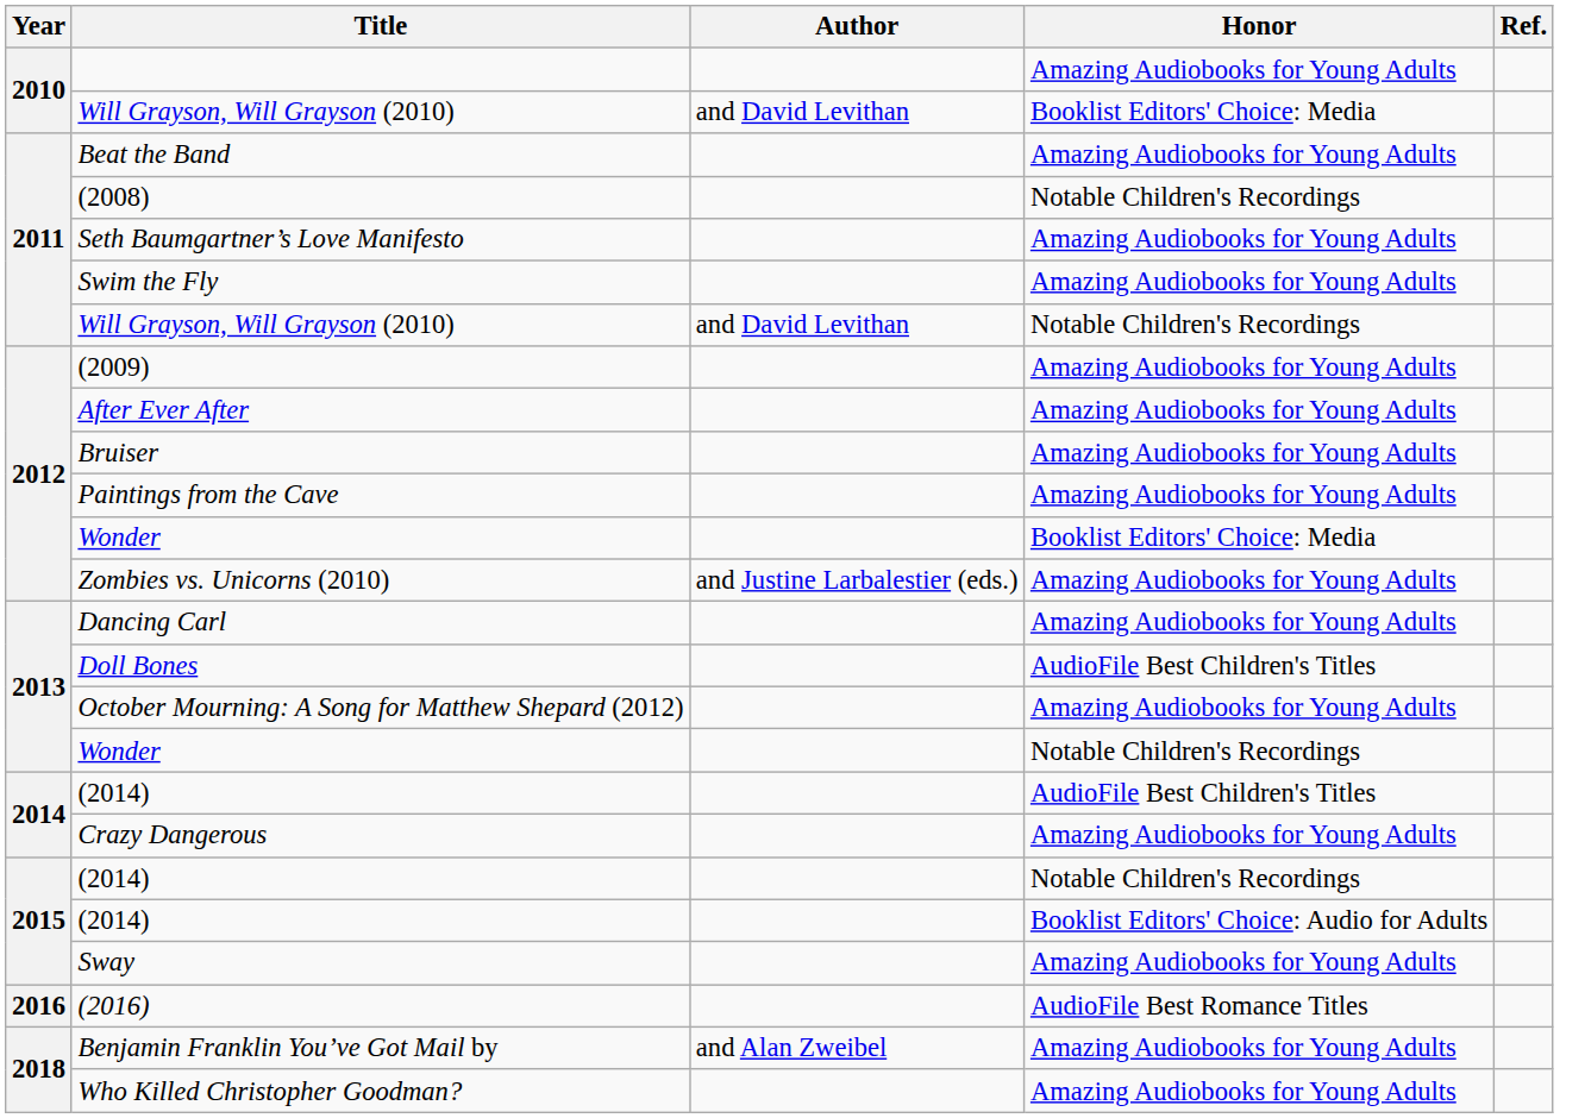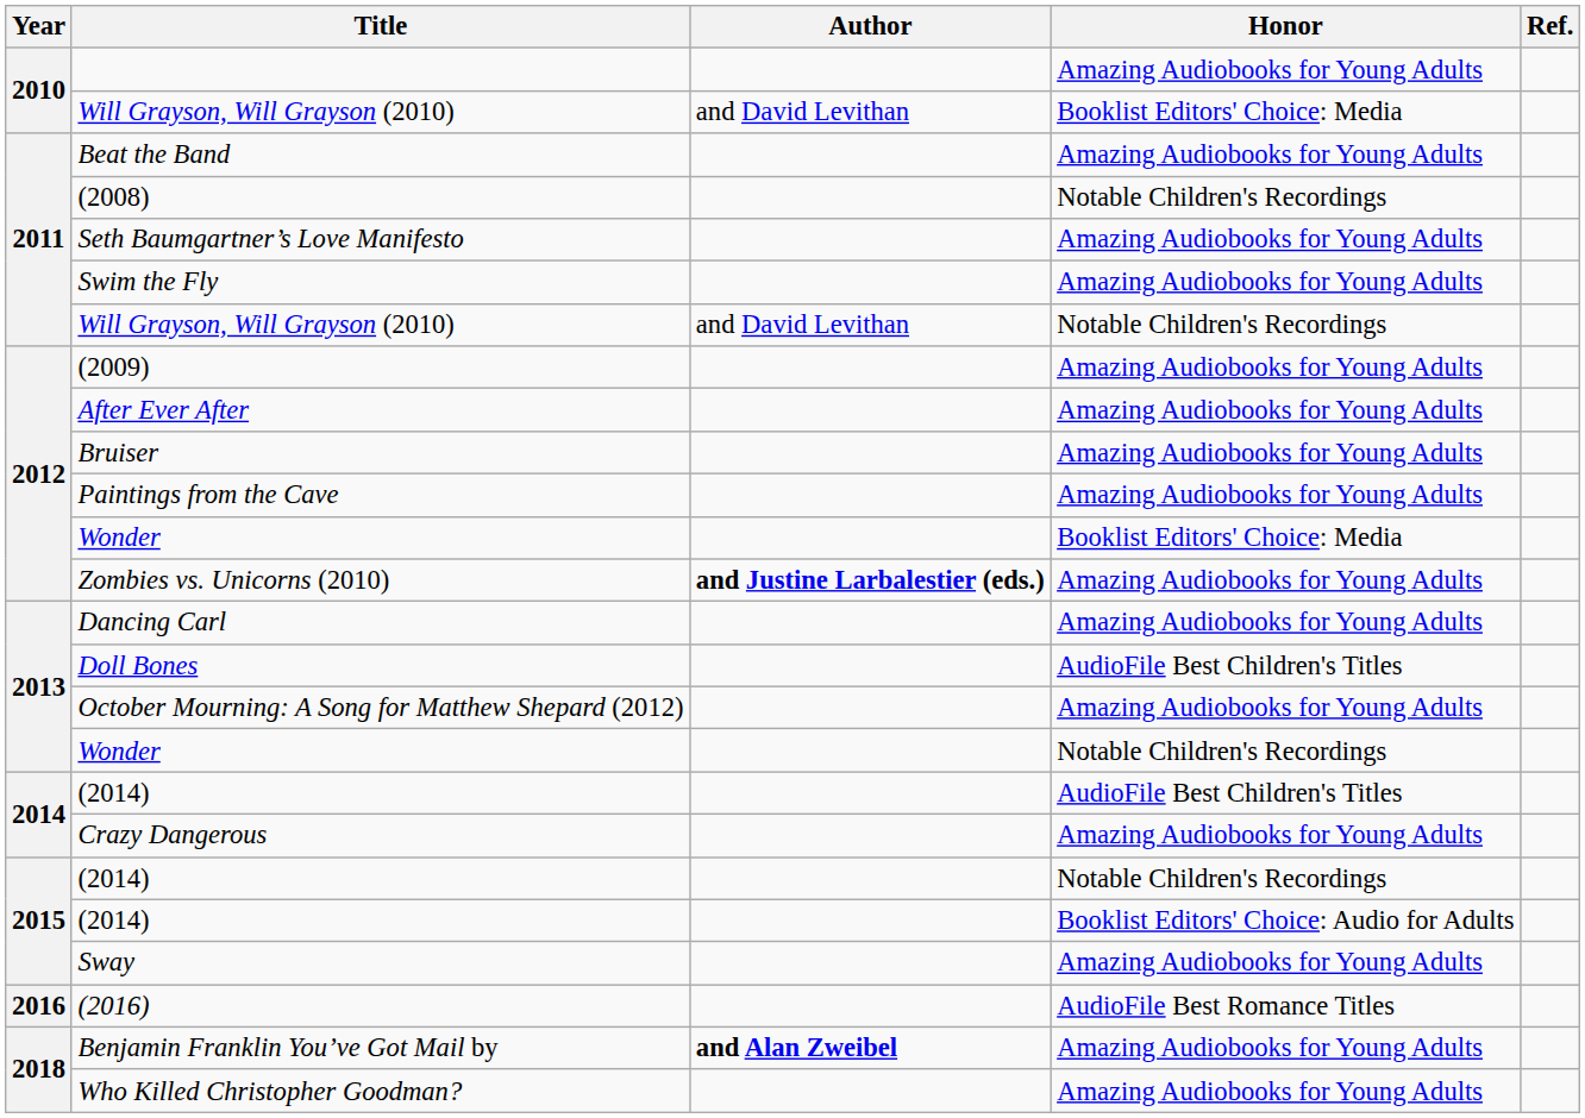 <table class="wikitable sortable mw-collapsible">
 <tr>
 <th>Year</th>
 <th>Title</th>
 <th>Author</th>
 <th>Honor</th>
 <th>Ref.</th>
 </tr>
 <tr>
 <th rowspan="2">2010</th>
 <td><em></em></td>
 <td></td>
 <td><a href='#'>Amazing Audiobooks for Young Adults</a></td>
 <td></td>
 </tr>
 <tr>
 <td><em><a href='#'>Will Grayson, Will Grayson</a></em> (2010)</td>
 <td> and <a href='#'>David Levithan</a></td>
 <td><a href='#'>Booklist Editors' Choice</a>: Media</td>
 <td></td>
 </tr>
 <tr>
 <th rowspan="5">2011</th>
 <td><em>Beat the Band</em></td>
 <td></td>
 <td><a href='#'>Amazing Audiobooks for Young Adults</a></td>
 <td></td>
 </tr>
 <tr>
 <td><em></em> (2008)</td>
 <td></td>
 <td>Notable Children's Recordings</td>
 <td></td>
 </tr>
 <tr>
 <td><em>Seth Baumgartner’s Love Manifesto</em></td>
 <td></td>
 <td><a href='#'>Amazing Audiobooks for Young Adults</a></td>
 <td></td>
 </tr>
 <tr>
 <td><em>Swim the Fly</em></td>
 <td></td>
 <td><a href='#'>Amazing Audiobooks for Young Adults</a></td>
 <td></td>
 </tr>
 <tr>
 <td><em><a href='#'>Will Grayson, Will Grayson</a></em> (2010)</td>
 <td> and <a href='#'>David Levithan</a></td>
 <td>Notable Children's Recordings</td>
 <td></td>
 </tr>
 <tr>
 <th rowspan="6">2012</th>
 <td><em></em> (2009)</td>
 <td></td>
 <td><a href='#'>Amazing Audiobooks for Young Adults</a></td>
 <td></td>
 </tr>
 <tr>
 <td><em><a href='#'>After Ever After</a></em></td>
 <td></td>
 <td><a href='#'>Amazing Audiobooks for Young Adults</a></td>
 <td></td>
 </tr>
 <tr>
 <td><em>Bruiser</em></td>
 <td></td>
 <td><a href='#'>Amazing Audiobooks for Young Adults</a></td>
 <td></td>
 </tr>
 <tr>
 <td><em>Paintings from the Cave</em></td>
 <td></td>
 <td><a href='#'>Amazing Audiobooks for Young Adults</a></td>
 <td></td>
 </tr>
 <tr>
 <td><a href='#'><em>Wonder</em></a></td>
 <td></td>
 <td><a href='#'>Booklist Editors' Choice</a>: Media</td>
 <td></td>
 </tr>
 <tr>
 <td><em>Zombies vs. Unicorns</em> (2010)</td>
-<td> and <a href='#'>Justine Larbalestier</a> (eds.)</td>
+<td><strong> and <a href='#'>Justine Larbalestier</a> (eds.)</strong></td>
 <td><a href='#'>Amazing Audiobooks for Young Adults</a></td>
 <td></td>
 </tr>
 <tr>
 <th rowspan="4">2013</th>
 <td><em>Dancing Carl</em></td>
 <td></td>
 <td><a href='#'>Amazing Audiobooks for Young Adults</a></td>
 <td></td>
 </tr>
 <tr>
 <td><em><a href='#'>Doll Bones</a></em> <em> </em></td>
 <td></td>
 <td><a href='#'>AudioFile</a> Best Children's Titles</td>
 <td></td>
 </tr>
 <tr>
 <td><em>October Mourning: A Song for Matthew Shepard</em> (2012)</td>
 <td></td>
 <td><a href='#'>Amazing Audiobooks for Young Adults</a></td>
 <td></td>
 </tr>
 <tr>
 <td><a href='#'><em>Wonder</em></a></td>
 <td></td>
 <td>Notable Children's Recordings</td>
 <td></td>
 </tr>
 <tr>
 <th rowspan="2">2014</th>
 <td><em></em> (2014)</td>
 <td></td>
 <td><a href='#'>AudioFile</a> Best Children's Titles</td>
 <td></td>
 </tr>
 <tr>
 <td><em>Crazy Dangerous</em></td>
 <td></td>
 <td><a href='#'>Amazing Audiobooks for Young Adults</a></td>
 <td></td>
 </tr>
 <tr>
 <th rowspan="3">2015</th>
 <td><em></em> (2014)</td>
 <td></td>
 <td>Notable Children's Recordings</td>
 <td></td>
 </tr>
 <tr>
 <td><em></em> (2014)</td>
 <td></td>
 <td><a href='#'>Booklist Editors' Choice</a>: Audio for Adults</td>
 <td></td>
 </tr>
 <tr>
 <td><em>Sway</em></td>
 <td></td>
 <td><a href='#'>Amazing Audiobooks for Young Adults</a></td>
 <td></td>
 </tr>
 <tr>
 <th>2016</th>
 <td><em> (2016)</em></td>
 <td></td>
 <td><a href='#'>AudioFile</a> Best Romance Titles</td>
 <td></td>
 </tr>
 <tr>
 <th rowspan="2">2018</th>
 <td><em>Benjamin Franklin You’ve Got Mail</em> by</td>
-<td>  and <a href='#'>Alan Zweibel</a></td>
+<td><strong>  and <a href='#'>Alan Zweibel</a></strong></td>
 <td><a href='#'>Amazing Audiobooks for Young Adults</a></td>
 <td></td>
 </tr>
 <tr>
 <td><em>Who Killed Christopher Goodman?</em></td>
 <td></td>
 <td><a href='#'>Amazing Audiobooks for Young Adults</a></td>
 <td></td>
 </tr>
 </table>
